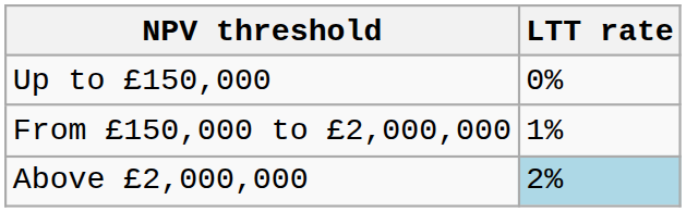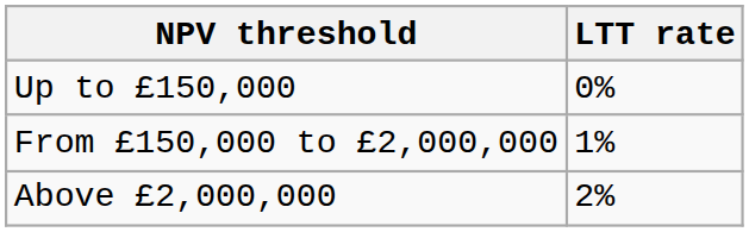 <table class="wikitable">
 <tr>
 <th>NPV threshold</th>
 <th>LTT rate</th>
 </tr>
 <tr>
 <td>Up to £150,000</td>
 <td>0%</td>
 </tr>
 <tr>
 <td>From £150,000 to £2,000,000</td>
 <td>1%</td>
 </tr>
 <tr>
 <td>Above £2,000,000</td>
-<td style="background: lightblue;">2%</td>
+<td>2%</td>
 </tr>
 </table>
